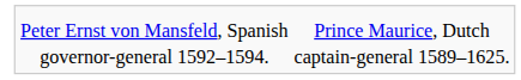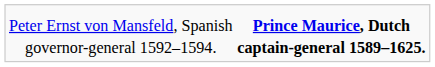 <table style="float:right; clear:right; margin: 10px; border: 1px #CCCCCC solid; background:#F9F9F9">
 <tr>
 <td align=middle></td>
 <td align=middle></td>
 </tr>
 <tr>
 <td align=middle><small><a href='#'>Peter Ernst von Mansfeld</a>, Spanish<br>governor-general 1592–1594.</small></td>
-<td align=middle><small><a href='#'>Prince Maurice</a>, Dutch<br>captain-general 1589–1625.</small></td>
+<td align=middle><strong><small><a href='#'>Prince Maurice</a>, Dutch<br>captain-general 1589–1625.</small></strong></td>
 </tr>
 </table>
